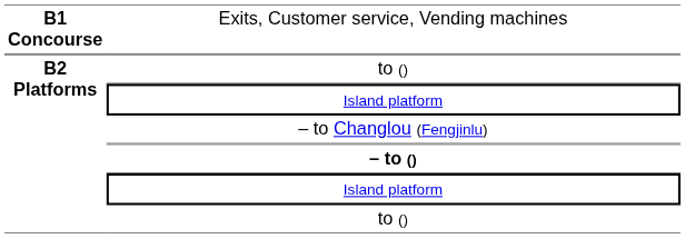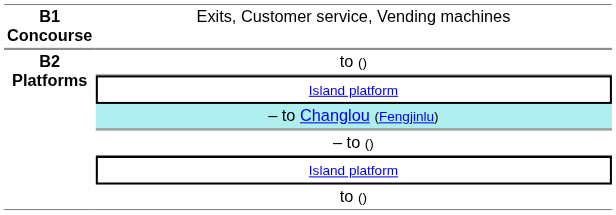 <table table border=0 cellspacing=0 cellpadding=3>
 <tr>
 <td style="border-bottom:solid 1px gray; border-top:solid 1px gray;text-align:center" valign=top><strong>B1<br>Concourse</strong></td>
 <td style="border-bottom:solid 1px gray; border-top:solid 1px gray;text-align:center;" valign=top width=500>Exits, Customer service, Vending machines</td>
 </tr>
 <tr>
 <td style="border-bottom:solid 1px gray; border-top:solid 1px gray;text-align:center" rowspan="6" valign=top><strong>B2<br>Platforms</strong></td>
 <td style="border-bottom:solid 1px gray; border-top:solid 1px gray;text-align:center;">  to  <small>()</small></td>
 </tr>
 <tr>
 <td style="border-right:solid 2px black;border-left:solid 2px black;border-top:solid 2px black;border-bottom:solid 2px black;text-align:center;" colspan=2><small><a href='#'>Island platform</a></small></td>
 </tr>
 <tr>
-<td style="border-bottom:solid 1px gray;text-align:center;">  – to <a href='#'>Changlou</a> <small>(<a href='#'>Fengjinlu</a>)</small></td>
+<td style="background: paleturquoise; border-bottom:solid 1px gray;text-align:center;">  – to <a href='#'>Changlou</a> <small>(<a href='#'>Fengjinlu</a>)</small></td>
 </tr>
 <tr>
-<td style="border-bottom:solid 1px gray; border-top:solid 1px gray;text-align:center;"><strong> – to  <small>()</small> </strong></td>
+<td style="border-bottom:solid 1px gray; border-top:solid 1px gray;text-align:center;"> – to  <small>()</small> </td>
 </tr>
 <tr>
 <td style="border-right:solid 2px black;border-left:solid 2px black;border-top:solid 2px black;border-bottom:solid 2px black;text-align:center;" colspan=2><small><a href='#'>Island platform</a></small></td>
 </tr>
 <tr>
 <td style="border-bottom:solid 1px gray;text-align:center;"> to  <small>()</small> </td>
 </tr>
 </table>
